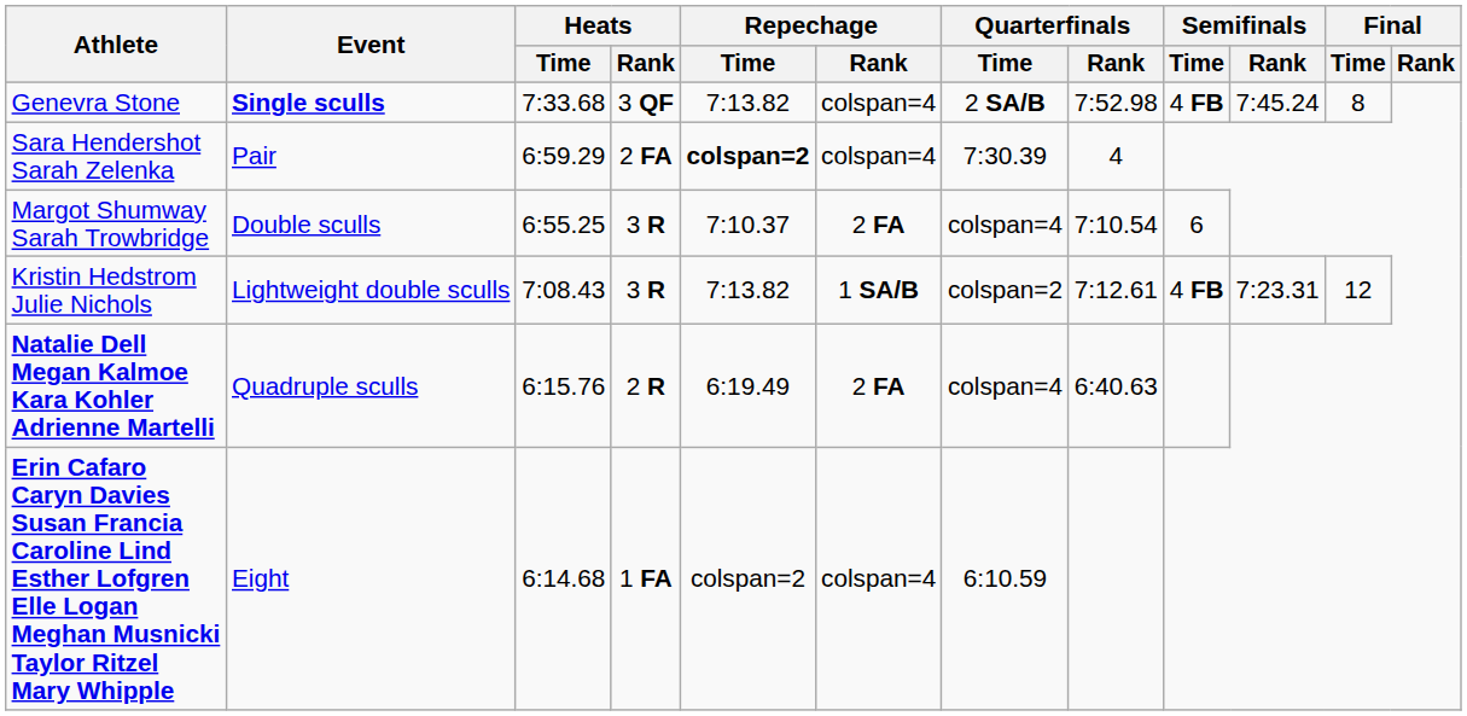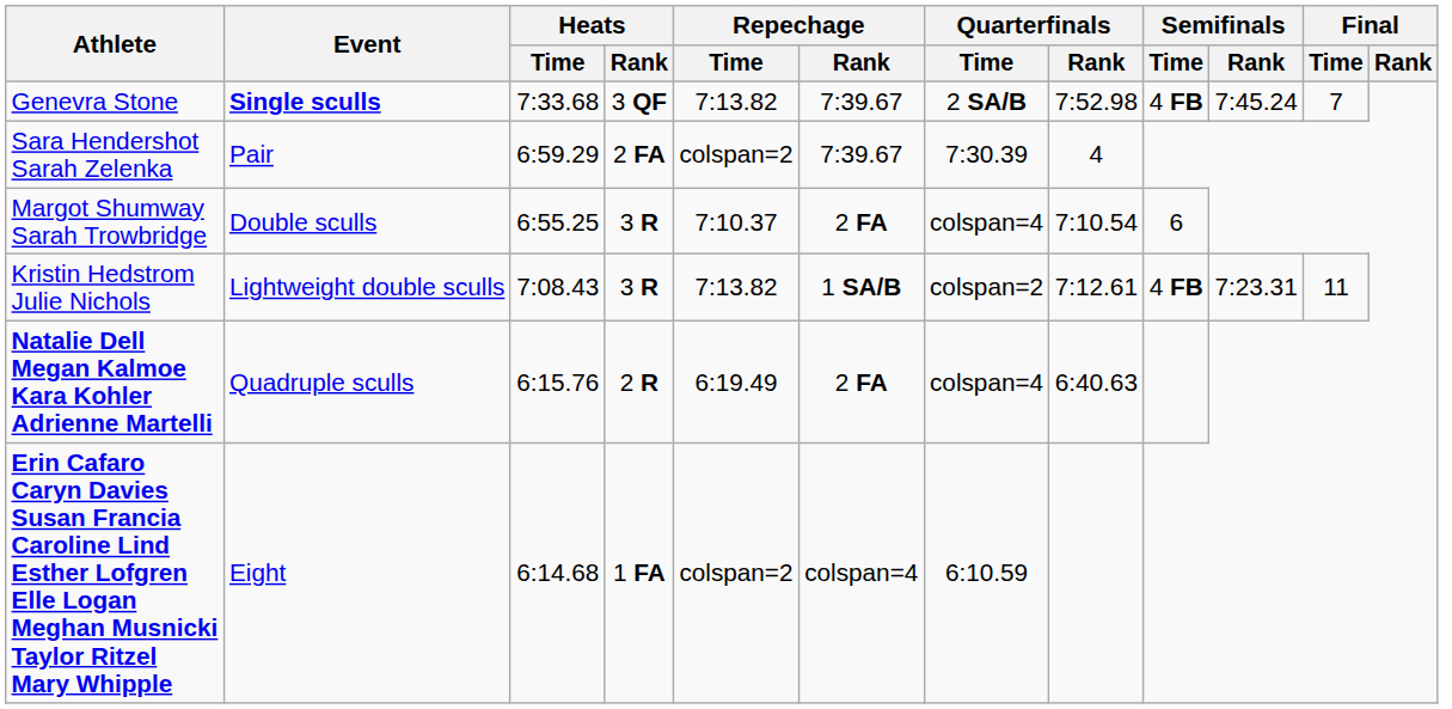 <table class=wikitable style=font-size:90%;text-align:center>
 <tr>
 <th rowspan=2>Athlete</th>
 <th rowspan=2>Event</th>
 <th colspan=2>Heats</th>
 <th colspan=2>Repechage</th>
 <th colspan=2>Quarterfinals</th>
 <th colspan=2>Semifinals</th>
 <th colspan=2>Final</th>
 </tr>
 <tr style=font-size:95%>
 <th>Time</th>
 <th>Rank</th>
 <th>Time</th>
 <th>Rank</th>
 <th>Time</th>
 <th>Rank</th>
 <th>Time</th>
 <th>Rank</th>
 <th>Time</th>
 <th>Rank</th>
 </tr>
 <tr>
 <td align=left><a href='#'>Genevra Stone</a></td>
 <td align=left><strong><a href='#'>Single sculls</a></strong></td>
 <td>7:33.68</td>
 <td>3 <strong>QF</strong></td>
 <td>7:13.82</td>
-<td>colspan=4 </td>
+<td>7:39.67</td>
 <td>2 <strong>SA/B</strong></td>
 <td>7:52.98</td>
 <td>4 <strong>FB</strong></td>
 <td>7:45.24</td>
-<td>8</td>
+<td>7</td>
 </tr>
 <tr>
 <td align=left><a href='#'>Sara Hendershot</a><br><a href='#'>Sarah Zelenka</a></td>
 <td align=left><a href='#'>Pair</a></td>
 <td>6:59.29</td>
 <td>2 <strong>FA</strong></td>
-<td><strong>colspan=2 </strong></td>
-<td>colspan=4 </td>
+<td>colspan=2 </td>
+<td>7:39.67</td>
 <td>7:30.39</td>
 <td>4</td>
 </tr>
 <tr>
 <td align=left><a href='#'>Margot Shumway</a><br><a href='#'>Sarah Trowbridge</a></td>
 <td align=left><a href='#'>Double sculls</a></td>
 <td>6:55.25</td>
 <td>3 <strong>R</strong></td>
 <td>7:10.37</td>
 <td>2 <strong>FA</strong></td>
 <td>colspan=4 </td>
 <td>7:10.54</td>
 <td>6</td>
 </tr>
 <tr>
 <td align=left><a href='#'>Kristin Hedstrom</a><br><a href='#'>Julie Nichols</a></td>
 <td align=left><a href='#'>Lightweight double sculls</a></td>
 <td>7:08.43</td>
 <td>3 <strong>R</strong></td>
 <td>7:13.82</td>
 <td>1 <strong>SA/B</strong></td>
 <td>colspan=2 </td>
 <td>7:12.61</td>
 <td>4 <strong>FB</strong></td>
 <td>7:23.31</td>
-<td>12</td>
+<td>11</td>
 </tr>
 <tr>
 <td align=left><strong><a href='#'>Natalie Dell</a><br><a href='#'>Megan Kalmoe</a><br><a href='#'>Kara Kohler</a><br><a href='#'>Adrienne Martelli</a></strong></td>
 <td align=left><a href='#'>Quadruple sculls</a></td>
 <td>6:15.76</td>
 <td>2 <strong>R</strong></td>
 <td>6:19.49</td>
 <td>2 <strong>FA</strong></td>
 <td>colspan=4 </td>
 <td>6:40.63</td>
 <td></td>
 </tr>
 <tr>
 <td align=left><strong><a href='#'>Erin Cafaro</a><br><a href='#'>Caryn Davies</a><br><a href='#'>Susan Francia</a><br><a href='#'>Caroline Lind</a><br><a href='#'>Esther Lofgren</a><br><a href='#'>Elle Logan</a><br><a href='#'>Meghan Musnicki</a><br><a href='#'>Taylor Ritzel</a><br><a href='#'>Mary Whipple</a></strong></td>
 <td align=left><a href='#'>Eight</a></td>
 <td>6:14.68</td>
 <td>1 <strong>FA</strong></td>
 <td>colspan=2 </td>
 <td>colspan=4 </td>
 <td>6:10.59</td>
 <td></td>
 </tr>
 </table>
